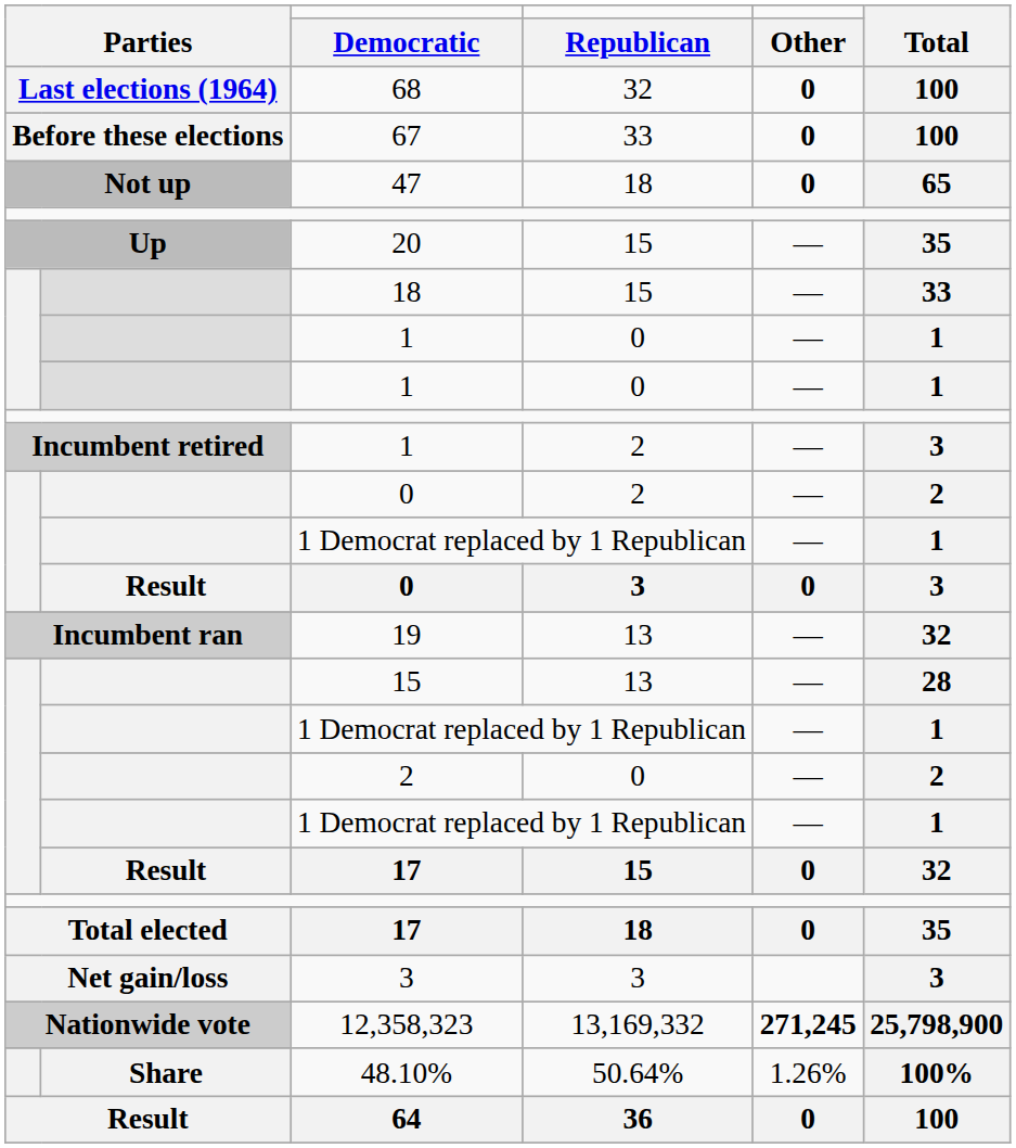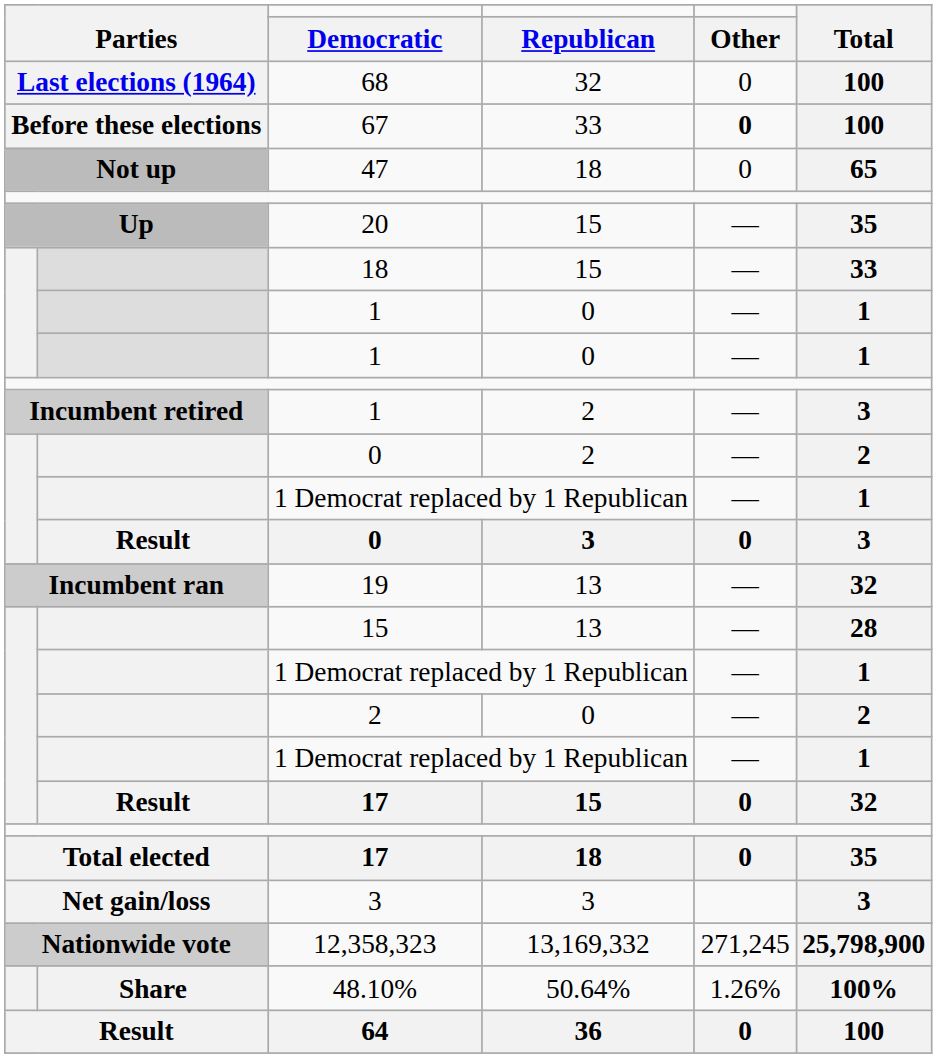 <table class=wikitable style=text-align:center>
 <tr valign=bottom>
 <th rowspan=2 colspan=2>Parties</th>
 <td style="background-color:"></td>
 <td style="background-color:"></td>
 <td style="background-color:"></td>
 <th rowspan=2>Total</th>
 </tr>
 <tr valign=bottom>
 <th><a href='#'>Democratic</a></th>
 <th><a href='#'>Republican</a></th>
 <th>Other</th>
 </tr>
 <tr>
 <th colspan=2><a href='#'>Last elections (1964)</a></th>
 <td>68</td>
 <td>32</td>
-<td><strong>0</strong></td>
+<td>0</td>
 <th>100</th>
 </tr>
 <tr>
 <th colspan=2>Before these elections</th>
 <td>67</td>
 <td>33</td>
 <td><strong>0</strong></td>
 <th>100</th>
 </tr>
 <tr>
 <th colspan=2 style="background:#bbb">Not up</th>
 <td>47</td>
 <td>18</td>
-<td><strong>0</strong></td>
+<td>0</td>
 <th>65</th>
 </tr>
 <tr>
 <td colspan=100></td>
 </tr>
 <tr>
 <th colspan=2 style="background:#bbb">Up</th>
 <td>20</td>
 <td>15</td>
 <td>—</td>
 <th>35</th>
 </tr>
 <tr>
 <th rowspan=3></th>
 <th style="background:#ddd"></th>
 <td>18</td>
 <td>15</td>
 <td>—</td>
 <th>33</th>
 </tr>
 <tr>
 <th style="background:#ddd"></th>
 <td>1</td>
 <td>0</td>
 <td>—</td>
 <th>1</th>
 </tr>
 <tr>
 <th style="background:#ddd"></th>
 <td>1</td>
 <td>0</td>
 <td>—</td>
 <th>1</th>
 </tr>
 <tr>
 <td colspan=100></td>
 </tr>
 <tr>
 <th colspan=2 style="background:#ccc">Incumbent retired</th>
 <td>1</td>
 <td>2</td>
 <td>—</td>
 <th>3</th>
 </tr>
 <tr>
 <th rowspan=3></th>
 <th></th>
 <td>0</td>
 <td>2</td>
 <td>—</td>
 <th>2</th>
 </tr>
 <tr>
 <th></th>
 <td colspan=2 >1 Democrat replaced by 1 Republican</td>
 <td>—</td>
 <th>1</th>
 </tr>
 <tr>
 <th>Result</th>
 <th>0</th>
 <th>3</th>
 <th>0</th>
 <th>3</th>
 </tr>
 <tr>
 <th colspan=2 style="background:#ccc">Incumbent ran</th>
 <td>19</td>
 <td>13</td>
 <td>—</td>
 <th>32</th>
 </tr>
 <tr>
 <th rowspan=5></th>
 <th></th>
 <td>15</td>
 <td>13</td>
 <td>—</td>
 <th>28</th>
 </tr>
 <tr>
 <th></th>
 <td colspan=2 >1 Democrat replaced by 1 Republican</td>
 <td>—</td>
 <th>1</th>
 </tr>
 <tr>
 <th></th>
 <td>2</td>
 <td>0</td>
 <td>—</td>
 <th>2</th>
 </tr>
 <tr>
 <th></th>
 <td colspan=2 >1 Democrat replaced by 1 Republican </td>
 <td>—</td>
 <th>1</th>
 </tr>
 <tr>
 <th>Result</th>
 <th>17</th>
 <th>15</th>
 <th>0</th>
 <th>32</th>
 </tr>
 <tr>
 <td colspan=100></td>
 </tr>
 <tr>
 <th colspan=2>Total elected</th>
 <th>17</th>
 <th>18</th>
 <th>0</th>
 <th>35</th>
 </tr>
 <tr>
 <th colspan=2>Net gain/loss</th>
 <td>3</td>
 <td>3</td>
 <td></td>
 <th>3</th>
 </tr>
 <tr>
 <th colspan=2 style="background:#ccc">Nationwide vote</th>
 <td>12,358,323</td>
 <td>13,169,332</td>
-<td><strong>271,245</strong></td>
+<td>271,245</td>
 <th>25,798,900</th>
 </tr>
 <tr>
 <th></th>
 <th>Share</th>
 <td>48.10%</td>
 <td>50.64%</td>
 <td>1.26%</td>
 <th>100%</th>
 </tr>
 <tr>
 <th colspan=2>Result</th>
 <th>64</th>
 <th>36</th>
 <th>0</th>
 <th>100</th>
 </tr>
 </table>
